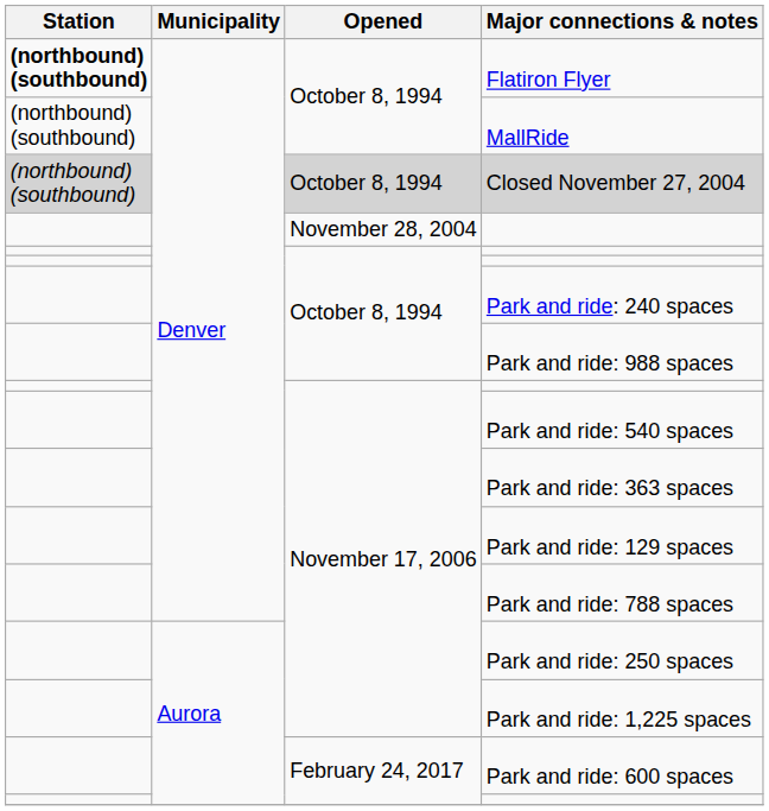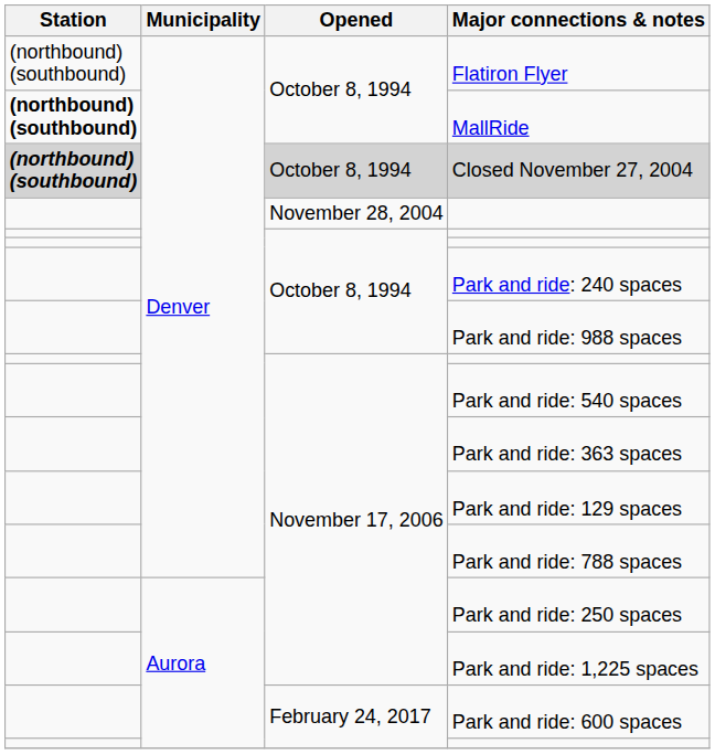 <table class="wikitable">
 <tr>
 <th>Station</th>
 <th>Municipality</th>
 <th>Opened</th>
 <th>Major connections & notes</th>
 </tr>
 <tr>
-<td><strong> (northbound)<br> (southbound)</strong></td>
+<td> (northbound)<br> (southbound)</td>
 <td rowspan="13"><a href='#'>Denver</a></td>
 <td rowspan="2">October 8, 1994</td>
 <td> <br> <a href='#'>Flatiron Flyer</a></td>
 </tr>
 <tr>
-<td> (northbound)<br> (southbound)</td>
+<td><strong> (northbound)<br> (southbound)</strong></td>
 <td> <br> <a href='#'>MallRide</a></td>
 </tr>
 <tr bgcolor="lightgray">
-<td><em> (northbound)<br> (southbound)</em></td>
+<td><strong><em> (northbound)<br> (southbound)</em></strong></td>
 <td>October 8, 1994</td>
 <td>Closed November 27, 2004</td>
 </tr>
 <tr>
 <td></td>
 <td>November 28, 2004</td>
 <td> </td>
 </tr>
 <tr>
 <td></td>
 <td rowspan="4">October 8, 1994</td>
 <td> </td>
 </tr>
 <tr>
 <td></td>
 <td> </td>
 </tr>
 <tr>
 <td></td>
 <td> <br><a href='#'>Park and ride</a>: 240 spaces</td>
 </tr>
 <tr>
 <td></td>
 <td> <br>Park and ride: 988 spaces</td>
 </tr>
 <tr>
 <td></td>
 <td rowspan="7">November 17, 2006</td>
 <td> </td>
 </tr>
 <tr>
 <td></td>
 <td> <br>Park and ride: 540 spaces</td>
 </tr>
 <tr>
 <td></td>
 <td> <br>Park and ride: 363 spaces</td>
 </tr>
 <tr>
 <td></td>
 <td> <br>Park and ride: 129 spaces</td>
 </tr>
 <tr>
 <td></td>
 <td> <br>Park and ride: 788 spaces</td>
 </tr>
 <tr>
 <td></td>
 <td rowspan="4"><a href='#'>Aurora</a></td>
 <td> <br>Park and ride: 250 spaces</td>
 </tr>
 <tr>
 <td></td>
 <td> <br>Park and ride: 1,225 spaces</td>
 </tr>
 <tr>
 <td></td>
 <td rowspan="2">February 24, 2017</td>
 <td> <br>Park and ride: 600 spaces</td>
 </tr>
 <tr>
 <td></td>
 <td> </td>
 </tr>
 <tr>
 </tr>
 </table>
